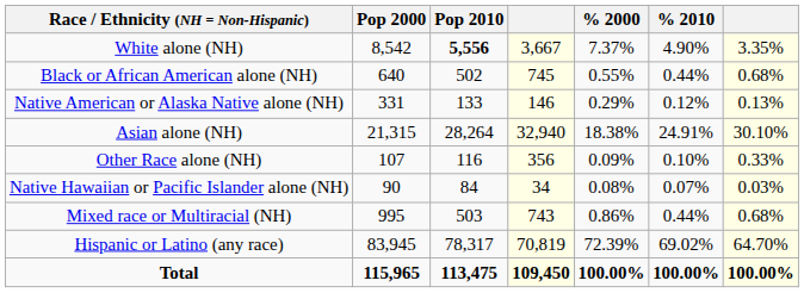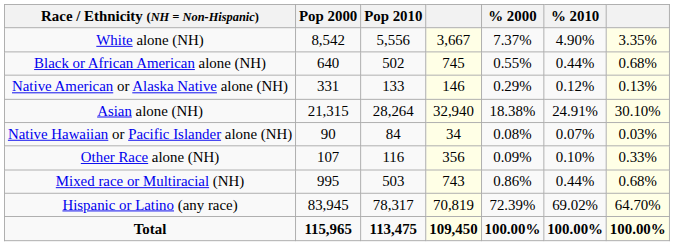 <table class="wikitable" style="text-align:center;">
 <tr>
 <th>Race / Ethnicity <small>(<em>NH = Non-Hispanic</em>)</small></th>
 <th>Pop 2000</th>
 <th>Pop 2010</th>
 <th></th>
 <th>% 2000</th>
 <th>% 2010</th>
 <th></th>
 </tr>
 <tr>
 <td><a href='#'>White</a> alone (NH)</td>
 <td>8,542</td>
-<td><strong>5,556</strong></td>
+<td>5,556</td>
 <td style='background: #ffffe6;'>3,667</td>
 <td>7.37%</td>
 <td>4.90%</td>
 <td style='background: #ffffe6;'>3.35%</td>
 </tr>
 <tr>
 <td><a href='#'>Black or African American</a> alone (NH)</td>
 <td>640</td>
 <td>502</td>
 <td style='background: #ffffe6;'>745</td>
 <td>0.55%</td>
 <td>0.44%</td>
 <td style='background: #ffffe6;'>0.68%</td>
 </tr>
 <tr>
 <td><a href='#'>Native American</a> or <a href='#'>Alaska Native</a> alone (NH)</td>
 <td>331</td>
 <td>133</td>
 <td style='background: #ffffe6;'>146</td>
 <td>0.29%</td>
 <td>0.12%</td>
 <td style='background: #ffffe6;'>0.13%</td>
 </tr>
 <tr>
 <td><a href='#'>Asian</a> alone (NH)</td>
 <td>21,315</td>
 <td>28,264</td>
 <td style='background: #ffffe6;'>32,940</td>
 <td>18.38%</td>
 <td>24.91%</td>
 <td style='background: #ffffe6;'>30.10%</td>
 </tr>
 <tr>
+<td><a href='#'>Native Hawaiian</a> or <a href='#'>Pacific Islander</a> alone (NH)</td>
+<td>90</td>
+<td>84</td>
+<td style='background: #ffffe6;'>34</td>
+<td>0.08%</td>
+<td>0.07%</td>
+<td style='background: #ffffe6;'>0.03%</td>
+</tr>
+<tr>
 <td><a href='#'>Other Race</a> alone (NH)</td>
 <td>107</td>
 <td>116</td>
 <td style='background: #ffffe6;'>356</td>
 <td>0.09%</td>
 <td>0.10%</td>
 <td style='background: #ffffe6;'>0.33%</td>
-</tr>
-<tr>
-<td><a href='#'>Native Hawaiian</a> or <a href='#'>Pacific Islander</a> alone (NH)</td>
-<td>90</td>
-<td>84</td>
-<td style='background: #ffffe6;'>34</td>
-<td>0.08%</td>
-<td>0.07%</td>
-<td style='background: #ffffe6;'>0.03%</td>
 </tr>
 <tr>
 <td><a href='#'>Mixed race or Multiracial</a> (NH)</td>
 <td>995</td>
 <td>503</td>
 <td style='background: #ffffe6;'>743</td>
 <td>0.86%</td>
 <td>0.44%</td>
 <td style='background: #ffffe6;'>0.68%</td>
 </tr>
 <tr>
 <td><a href='#'>Hispanic or Latino</a> (any race)</td>
 <td>83,945</td>
 <td>78,317</td>
 <td style='background: #ffffe6;'>70,819</td>
 <td>72.39%</td>
 <td>69.02%</td>
 <td style='background: #ffffe6;'>64.70%</td>
 </tr>
 <tr>
 <td><strong>Total</strong></td>
 <td><strong>115,965</strong></td>
 <td><strong>113,475</strong></td>
 <td style='background: #ffffe6;'><strong>109,450</strong></td>
 <td><strong>100.00%</strong></td>
 <td><strong>100.00%</strong></td>
 <td style='background: #ffffe6;'><strong>100.00%</strong></td>
 </tr>
 </table>
